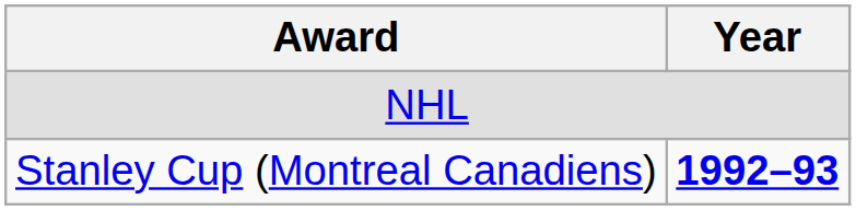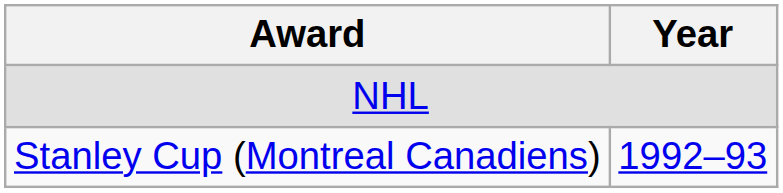 <table class="wikitable">
 <tr>
 <th>Award</th>
 <th>Year</th>
 </tr>
 <tr ALIGN="center" bgcolor="#e0e0e0">
 <td colspan="3"><a href='#'>NHL</a></td>
 </tr>
 <tr>
 <td><a href='#'>Stanley Cup</a>  (<a href='#'>Montreal Canadiens</a>)</td>
-<td><strong><a href='#'>1992–93</a></strong></td>
+<td><a href='#'>1992–93</a></td>
 </tr>
 </table>
